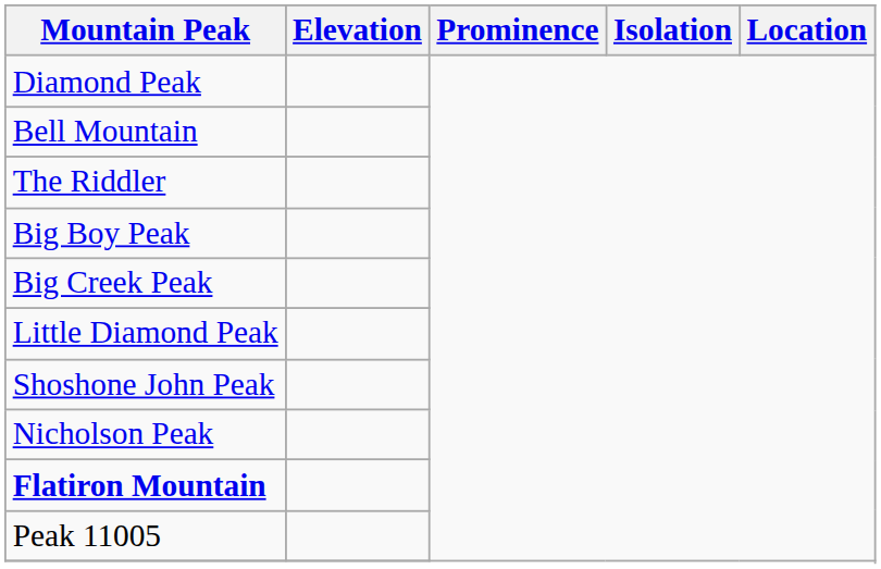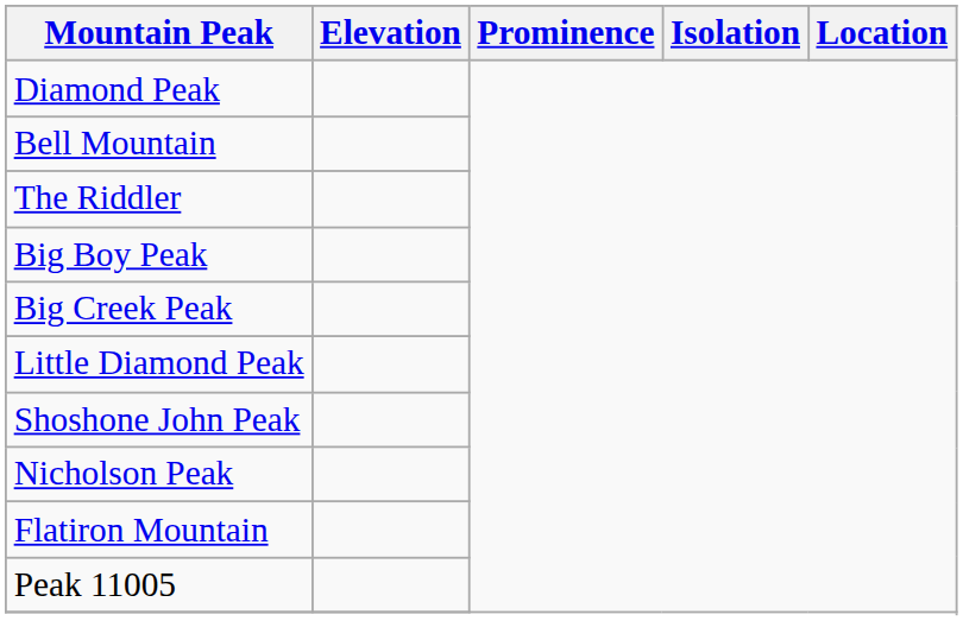 <table class="wikitable sortable">
 <tr>
 <th><a href='#'>Mountain Peak</a></th>
 <th><a href='#'>Elevation</a></th>
 <th><a href='#'>Prominence</a></th>
 <th><a href='#'>Isolation</a></th>
 <th><a href='#'>Location</a></th>
 </tr>
 <tr>
 <td><a href='#'>Diamond Peak</a><br></td>
 <td></td>
 </tr>
 <tr>
 <td><a href='#'>Bell Mountain</a><br></td>
 <td></td>
 </tr>
 <tr>
 <td><a href='#'>The Riddler</a><br></td>
 <td></td>
 </tr>
 <tr>
 <td><a href='#'>Big Boy Peak</a><br></td>
 <td></td>
 </tr>
 <tr>
 <td><a href='#'>Big Creek Peak</a><br></td>
 <td></td>
 </tr>
 <tr>
 <td><a href='#'>Little Diamond Peak</a><br></td>
 <td></td>
 </tr>
 <tr>
 <td><a href='#'>Shoshone John Peak</a><br></td>
 <td></td>
 </tr>
 <tr>
 <td><a href='#'>Nicholson Peak</a><br></td>
 <td></td>
 </tr>
 <tr>
-<td><strong><a href='#'>Flatiron Mountain</a><br></strong></td>
+<td><a href='#'>Flatiron Mountain</a><br></td>
 <td></td>
 </tr>
 <tr>
 <td>Peak 11005<br></td>
 <td></td>
 </tr>
 <tr>
 </tr>
 </table>
